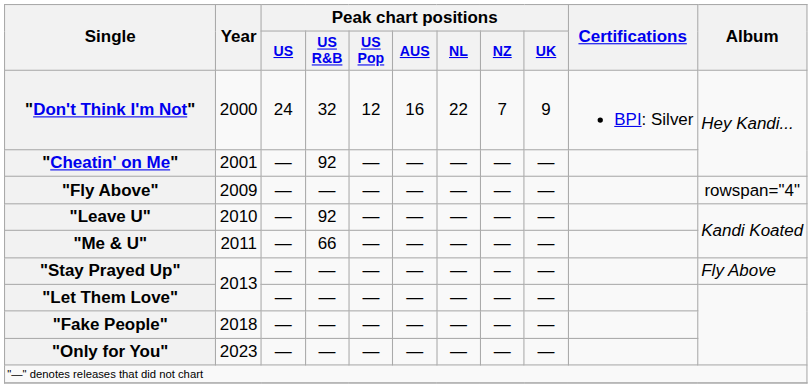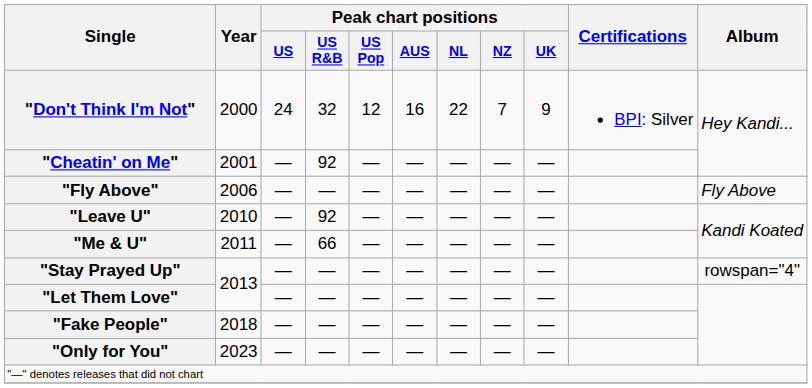 <table class="wikitable plainrowheaders" style="text-align:center;">
 <tr>
 <th rowspan="2" style="width:12em;">Single</th>
 <th rowspan="2">Year</th>
 <th colspan="7">Peak chart positions</th>
 <th rowspan="2"><a href='#'>Certifications</a><br></th>
 <th rowspan="2">Album</th>
 </tr>
 <tr style="font-size:smaller;">
 <th width="35"><a href='#'>US</a><br></th>
 <th width="35"><a href='#'>US R&B</a><br></th>
 <th width="35"><a href='#'>US Pop</a><br></th>
 <th width="35"><a href='#'>AUS</a><br></th>
 <th width="35"><a href='#'>NL</a><br></th>
 <th width="35"><a href='#'>NZ</a><br></th>
 <th width="35"><a href='#'>UK</a><br></th>
 </tr>
 <tr>
 <th scope="row">"<a href='#'>Don't Think I'm Not</a>"</th>
 <td>2000</td>
 <td>24</td>
 <td>32</td>
 <td>12</td>
 <td>16</td>
 <td>22</td>
 <td>7</td>
 <td>9</td>
 <td align="left"><br><ul><li><a href='#'>BPI</a>: Silver</li></ul></td>
 <td align="left" rowspan="2"><em>Hey Kandi...</em></td>
 </tr>
 <tr>
 <th scope="row">"<a href='#'>Cheatin' on Me</a>"</th>
 <td>2001</td>
 <td>—</td>
 <td>92</td>
 <td>—</td>
 <td>—</td>
 <td>—</td>
 <td>—</td>
 <td>—</td>
 <td></td>
 </tr>
 <tr>
 <th scope="row">"Fly Above"</th>
-<td>2009</td>
+<td>2006</td>
 <td>—</td>
 <td>—</td>
 <td>—</td>
 <td>—</td>
 <td>—</td>
 <td>—</td>
 <td>—</td>
 <td></td>
-<td>rowspan="4" </td>
+<td align="left"><em>Fly Above</em></td>
 </tr>
 <tr>
 <th scope="row">"Leave U"</th>
 <td>2010</td>
 <td>—</td>
 <td>92</td>
 <td>—</td>
 <td>—</td>
 <td>—</td>
 <td>—</td>
 <td>—</td>
 <td></td>
 <td align="left" rowspan="2"><em>Kandi Koated</em></td>
 </tr>
 <tr>
 <th scope="row">"Me & U"</th>
 <td>2011</td>
 <td>—</td>
 <td>66</td>
 <td>—</td>
 <td>—</td>
 <td>—</td>
 <td>—</td>
 <td>—</td>
 <td></td>
 </tr>
 <tr>
 <th scope="row">"Stay Prayed Up"</th>
 <td rowspan="2">2013</td>
 <td>—</td>
 <td>—</td>
 <td>—</td>
 <td>—</td>
 <td>—</td>
 <td>—</td>
 <td>—</td>
 <td></td>
-<td align="left"><em>Fly Above</em></td>
+<td>rowspan="4" </td>
 </tr>
 <tr>
 <th scope="row">"Let Them Love"</th>
 <td>—</td>
 <td>—</td>
 <td>—</td>
 <td>—</td>
 <td>—</td>
 <td>—</td>
 <td>—</td>
 <td></td>
 </tr>
 <tr>
 <th scope="row">"Fake People"</th>
 <td>2018</td>
 <td>—</td>
 <td>—</td>
 <td>—</td>
 <td>—</td>
 <td>—</td>
 <td>—</td>
 <td>—</td>
 <td></td>
 </tr>
 <tr>
 <th scope="row">"Only for You"</th>
 <td>2023</td>
 <td>—</td>
 <td>—</td>
 <td>—</td>
 <td>—</td>
 <td>—</td>
 <td>—</td>
 <td>—</td>
 <td></td>
 </tr>
 <tr>
 <td align="left" colspan="15" style="font-size:8pt">"—" denotes releases that did not chart</td>
 </tr>
 <tr>
 </tr>
 </table>
